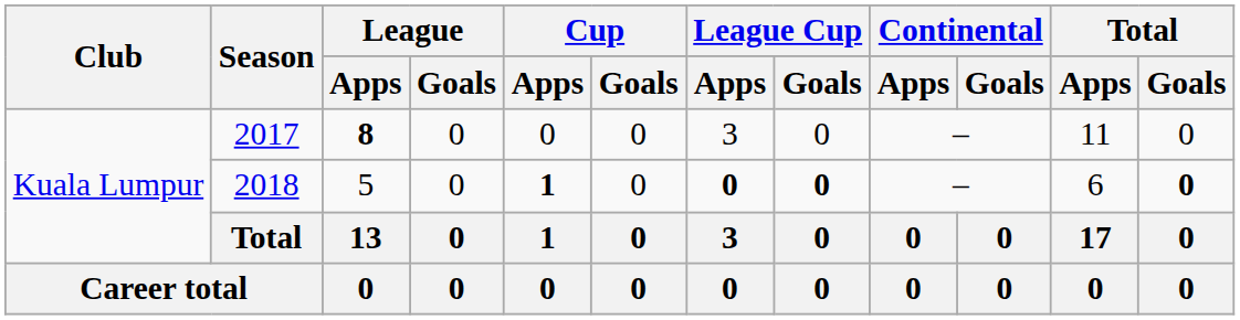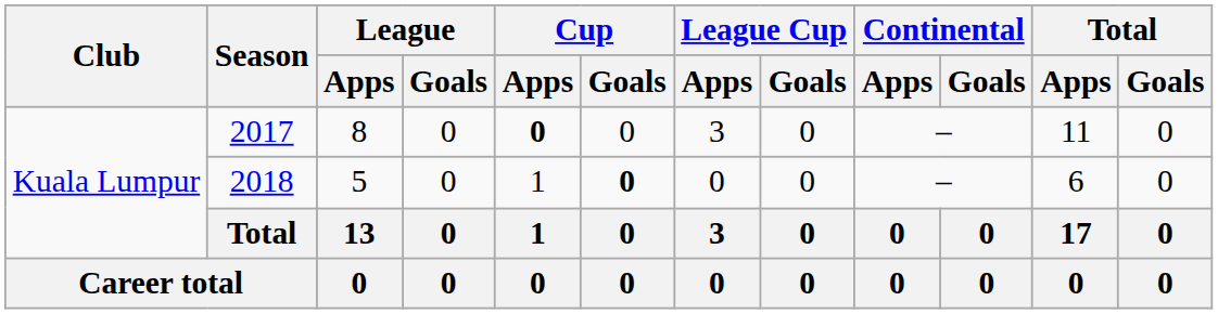 <table class="wikitable" style="text-align:center;">
 <tr>
 <th rowspan="2">Club</th>
 <th rowspan="2">Season</th>
 <th colspan="2">League</th>
 <th colspan="2"><a href='#'>Cup</a></th>
 <th colspan="2"><a href='#'>League Cup</a></th>
 <th colspan="2"><a href='#'>Continental</a></th>
 <th colspan="2">Total</th>
 </tr>
 <tr>
 <th>Apps</th>
 <th>Goals</th>
 <th>Apps</th>
 <th>Goals</th>
 <th>Apps</th>
 <th>Goals</th>
 <th>Apps</th>
 <th>Goals</th>
 <th>Apps</th>
 <th>Goals</th>
 </tr>
 <tr>
 <td rowspan=3><a href='#'>Kuala Lumpur</a></td>
 <td><a href='#'>2017</a></td>
-<td><strong>8</strong></td>
+<td>8</td>
 <td>0</td>
-<td>0</td>
+<td><strong>0</strong></td>
 <td>0</td>
 <td>3</td>
 <td>0</td>
 <td colspan="2">–</td>
 <td>11</td>
 <td>0</td>
 </tr>
 <tr>
 <td><a href='#'>2018</a></td>
 <td>5</td>
 <td>0</td>
-<td><strong>1</strong></td>
+<td>1</td>
+<td><strong>0</strong></td>
 <td>0</td>
-<td><strong>0</strong></td>
-<td><strong>0</strong></td>
+<td>0</td>
 <td colspan="2">–</td>
 <td>6</td>
-<td><strong>0</strong></td>
+<td>0</td>
 </tr>
 <tr>
 <th colspan="1">Total</th>
 <th>13</th>
 <th>0</th>
 <th>1</th>
 <th>0</th>
 <th>3</th>
 <th>0</th>
 <th>0</th>
 <th>0</th>
 <th>17</th>
 <th>0</th>
 </tr>
 <tr>
 <th colspan=2>Career total</th>
 <th>0</th>
 <th>0</th>
 <th>0</th>
 <th>0</th>
 <th>0</th>
 <th>0</th>
 <th>0</th>
 <th>0</th>
 <th>0</th>
 <th>0</th>
 </tr>
 </table>
